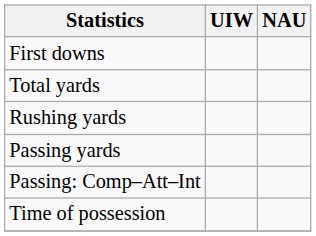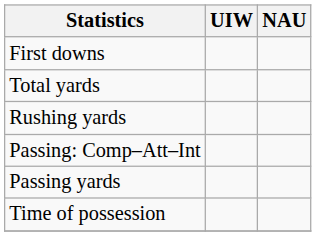 <table class="wikitable" style="float: left;">
 <tr>
 <th>Statistics</th>
 <th>UIW</th>
 <th>NAU</th>
 </tr>
 <tr>
 <td>First downs</td>
 <td></td>
 <td></td>
 </tr>
 <tr>
 <td>Total yards</td>
 <td></td>
 <td></td>
 </tr>
 <tr>
 <td>Rushing yards</td>
 <td></td>
 <td></td>
 </tr>
 <tr>
-<td>Passing yards</td>
+<td>Passing: Comp–Att–Int</td>
 <td></td>
 <td></td>
 </tr>
 <tr>
-<td>Passing: Comp–Att–Int</td>
+<td>Passing yards</td>
 <td></td>
 <td></td>
 </tr>
 <tr>
 <td>Time of possession</td>
 <td></td>
 <td></td>
 </tr>
 <tr>
 </tr>
 </table>
